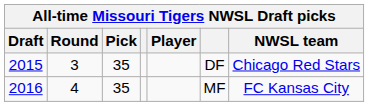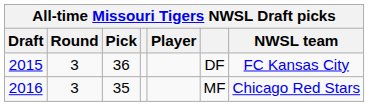 <table class="wikitable sortable" style="text-align: center;">
 <tr>
 <th colspan="7" style="background:#">All-time <a href='#'><span>Missouri Tigers</span></a> NWSL Draft picks</th>
 </tr>
 <tr>
 <th scope="col">Draft</th>
 <th scope="col">Round</th>
 <th scope="col">Pick</th>
 <th scope="col"></th>
 <th scope="col">Player</th>
 <th scope="col"></th>
 <th scope="col">NWSL team</th>
 </tr>
 <tr>
 <td><a href='#'>2015</a></td>
 <td>3</td>
-<td>35</td>
+<td>36</td>
 <td></td>
 <td></td>
 <td>DF</td>
-<td><a href='#'>Chicago Red Stars</a></td>
+<td><a href='#'>FC Kansas City</a></td>
 </tr>
 <tr>
 <td><a href='#'>2016</a></td>
-<td>4</td>
+<td>3</td>
 <td>35</td>
 <td></td>
 <td></td>
 <td>MF</td>
-<td><a href='#'>FC Kansas City</a></td>
+<td><a href='#'>Chicago Red Stars</a></td>
 </tr>
 </table>
